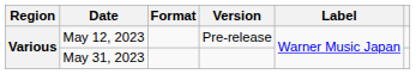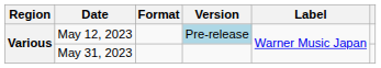 <table class="wikitable plainrowheaders">
 <tr>
 <th scope="col">Region</th>
 <th scope="col">Date</th>
 <th scope="col">Format</th>
 <th scope="col">Version</th>
 <th scope="col">Label</th>
 <th scope="col"></th>
 </tr>
 <tr>
 <th rowspan="2" scope="row">Various</th>
 <td>May 12, 2023</td>
 <td></td>
-<td>Pre-release</td>
+<td style="background: lightblue;">Pre-release</td>
 <td rowspan="2"><a href='#'>Warner Music Japan</a></td>
 <td style="text-align:center"></td>
 </tr>
 <tr>
 <td>May 31, 2023</td>
 <td></td>
 <td></td>
 <td style="text-align:center"></td>
 </tr>
 </table>
